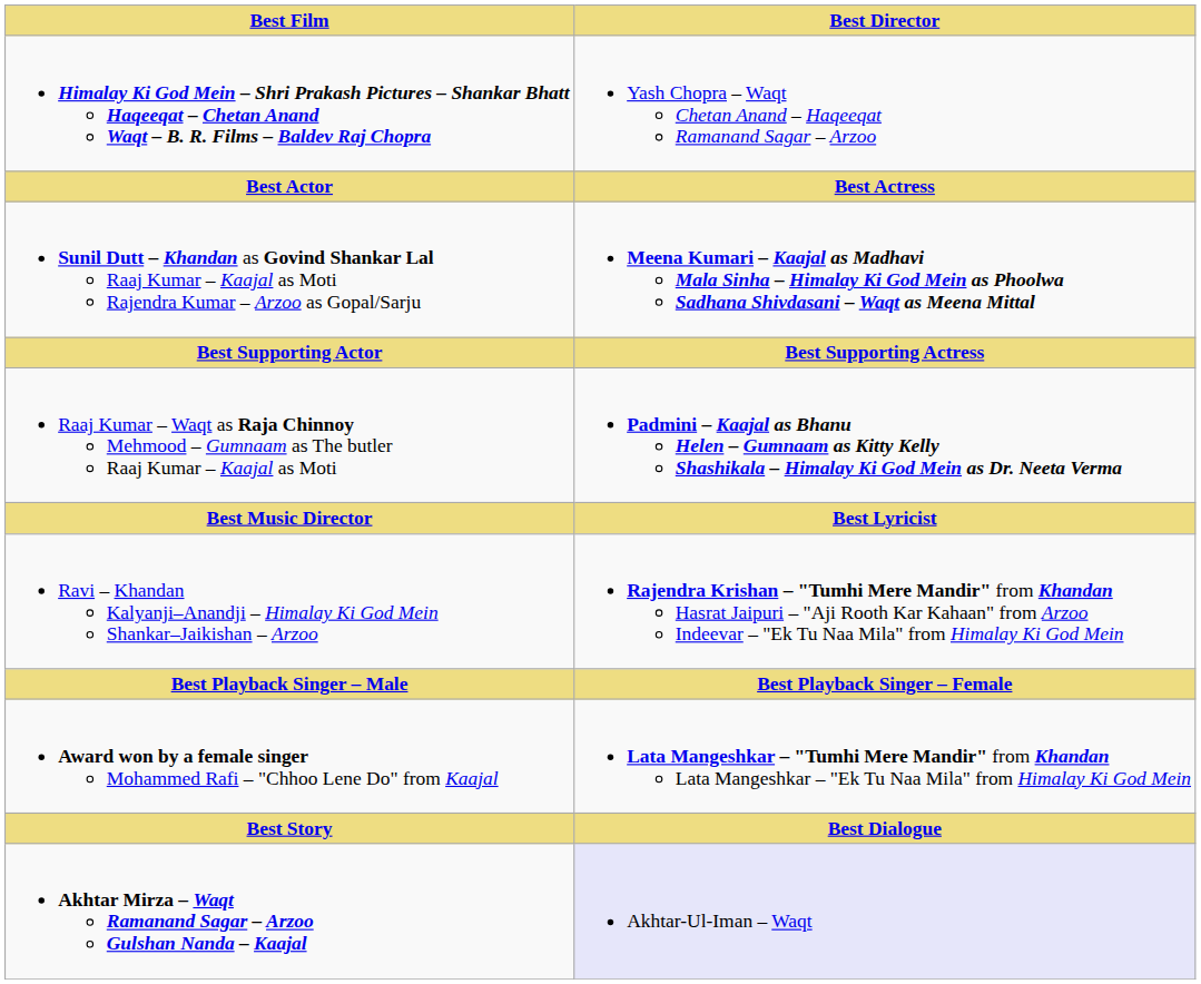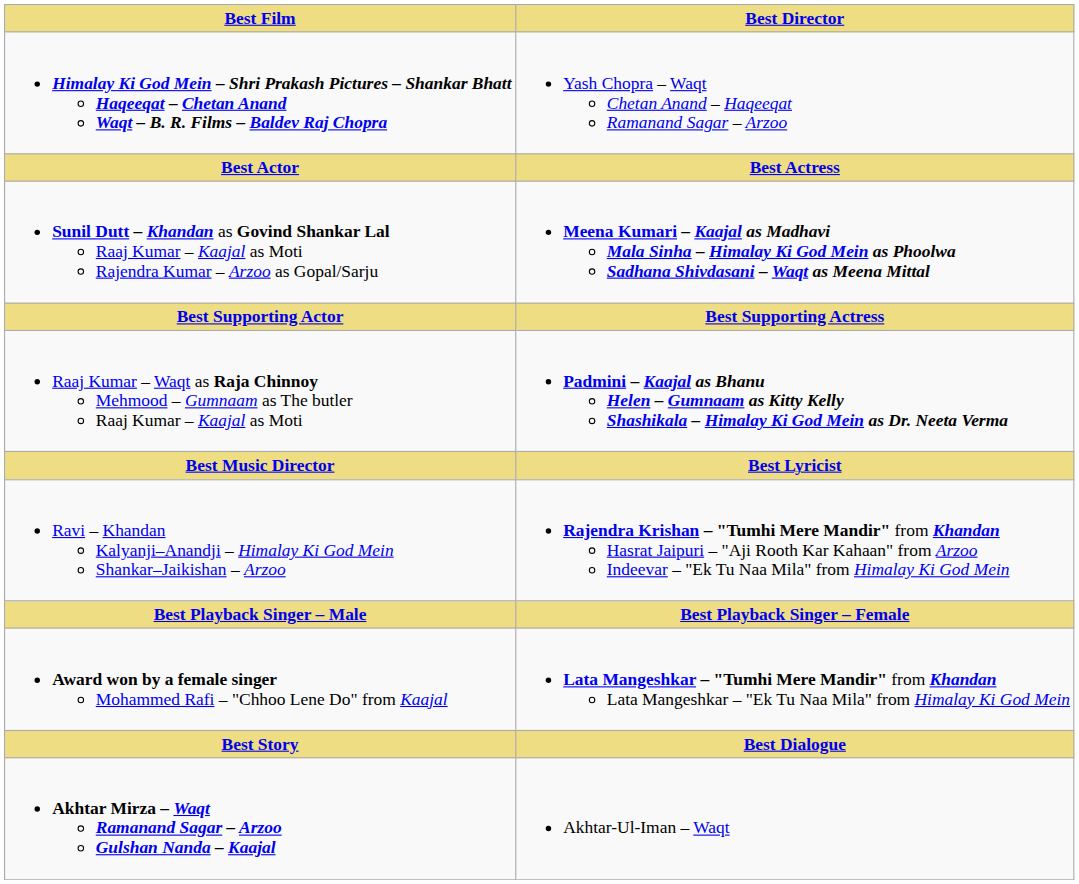 <table class="wikitable">
 <tr>
 <th style="background:#EEDD82;"><a href='#'>Best Film</a></th>
 <th style="background:#EEDD82;"><a href='#'>Best Director</a></th>
 </tr>
 <tr>
 <td valign="top"><br><ul><li><strong><em><a href='#'>Himalay Ki God Mein</a><em> – Shri Prakash Pictures – Shankar Bhatt <strong><ul><li></em><a href='#'>Haqeeqat</a><em> – <a href='#'>Chetan Anand</a></li><li></em><a href='#'>Waqt</a><em> – B. R. Films – <a href='#'>Baldev Raj Chopra</a></li></ul></li></ul></td>
 <td valign="top"><br><ul><li></em></strong><a href='#'>Yash Chopra</a> – <a href='#'>Waqt</a></em> </strong><ul><li><em><a href='#'>Chetan Anand</a> – <a href='#'>Haqeeqat</a></em></li><li><em><a href='#'>Ramanand Sagar</a> – <a href='#'>Arzoo</a></em></li></ul></li></ul></td>
 </tr>
 <tr>
 <th style="background:#EEDD82;"><a href='#'>Best Actor</a></th>
 <th style="background:#EEDD82;"><a href='#'>Best Actress</a></th>
 </tr>
 <tr>
 <td><br><ul><li><strong><a href='#'>Sunil Dutt</a> – <em><a href='#'>Khandan</a></em> </strong>as <strong>Govind Shankar Lal</strong><ul><li><a href='#'>Raaj Kumar</a> – <em><a href='#'>Kaajal</a></em> as Moti</li><li><a href='#'>Rajendra Kumar</a> – <em><a href='#'>Arzoo</a></em> as Gopal/Sarju</li></ul></li></ul></td>
 <td><br><ul><li><strong><a href='#'>Meena Kumari</a> – <em><a href='#'>Kaajal</a><strong><em> as </strong>Madhavi<strong><ul><li></em><a href='#'>Mala Sinha</a> – <a href='#'>Himalay Ki God Mein</a><em> as Phoolwa</li><li></em><a href='#'>Sadhana Shivdasani</a> – <a href='#'>Waqt</a><em> as Meena Mittal</li></ul></li></ul></td>
 </tr>
 <tr>
 <th style="background:#EEDD82;"><a href='#'>Best Supporting Actor</a></th>
 <th style="background:#EEDD82;"><a href='#'>Best Supporting Actress</a></th>
 </tr>
 <tr>
 <td><br><ul><li></strong><a href='#'>Raaj Kumar</a> – </em><a href='#'>Waqt</a></em></strong> as <strong>Raja Chinnoy</strong><ul><li><a href='#'>Mehmood</a> – <em><a href='#'>Gumnaam</a></em> as The butler</li><li>Raaj Kumar – <em><a href='#'>Kaajal</a></em> as Moti</li></ul></li></ul></td>
 <td><br><ul><li><strong><a href='#'>Padmini</a> – <em><a href='#'>Kaajal</a><strong><em> as </strong>Bhanu<strong><ul><li><a href='#'>Helen</a> – </em><a href='#'>Gumnaam</a><em> as Kitty Kelly</li><li><a href='#'>Shashikala</a> – </em><a href='#'>Himalay Ki God Mein</a><em> as Dr. Neeta Verma</li></ul></li></ul></td>
 </tr>
 <tr>
 <th style="background:#EEDD82;"><a href='#'>Best Music Director</a></th>
 <th style="background:#EEDD82;"><a href='#'>Best Lyricist</a></th>
 </tr>
 <tr>
 <td><br><ul><li></strong><a href='#'>Ravi</a> – </em><a href='#'>Khandan</a></em></strong><ul><li><a href='#'>Kalyanji–Anandji</a> – <em><a href='#'>Himalay Ki God Mein</a></em></li><li><a href='#'>Shankar–Jaikishan</a> – <em><a href='#'>Arzoo</a></em></li></ul></li></ul></td>
 <td><br><ul><li><strong><a href='#'>Rajendra Krishan</a> – "Tumhi Mere Mandir"</strong> from <strong><em><a href='#'>Khandan</a></em></strong><ul><li><a href='#'>Hasrat Jaipuri</a> – "Aji Rooth Kar Kahaan" from <em><a href='#'>Arzoo</a></em></li><li><a href='#'>Indeevar</a> – "Ek Tu Naa Mila" from <em><a href='#'>Himalay Ki God Mein</a></em></li></ul></li></ul></td>
 </tr>
 <tr>
 <th style="background:#EEDD82;"><a href='#'>Best Playback Singer – Male</a></th>
 <th style="background:#EEDD82;"><a href='#'>Best Playback Singer – Female</a></th>
 </tr>
 <tr>
 <td><br><ul><li><strong>Award won by a female singer</strong><ul><li><a href='#'>Mohammed Rafi</a> – "Chhoo Lene Do" from <em><a href='#'>Kaajal</a></em></li></ul></li></ul></td>
 <td><br><ul><li><strong><a href='#'>Lata Mangeshkar</a> – "Tumhi Mere Mandir"</strong> from <strong><em><a href='#'>Khandan</a></em></strong><ul><li>Lata Mangeshkar – "Ek Tu Naa Mila" from <em><a href='#'>Himalay Ki God Mein</a></em></li></ul></li></ul></td>
 </tr>
 <tr>
 <th style="background:#EEDD82;"><a href='#'>Best Story</a></th>
 <th style="background:#EEDD82;"><a href='#'>Best Dialogue</a></th>
 </tr>
 <tr>
 <td><br><ul><li><strong>Akhtar Mirza – <em><a href='#'>Waqt</a><strong><em><ul><li><a href='#'>Ramanand Sagar</a> – </em><a href='#'>Arzoo</a><em></li><li><a href='#'>Gulshan Nanda</a> – </em><a href='#'>Kaajal</a><em></li></ul></li></ul></td>
-<td style="background: lavender;"><br><ul><li></strong>Akhtar-Ul-Iman – </em><a href='#'>Waqt</a></em></strong></li></ul></td>
+<td><br><ul><li></strong>Akhtar-Ul-Iman – </em><a href='#'>Waqt</a></em></strong></li></ul></td>
 </tr>
 </table>
